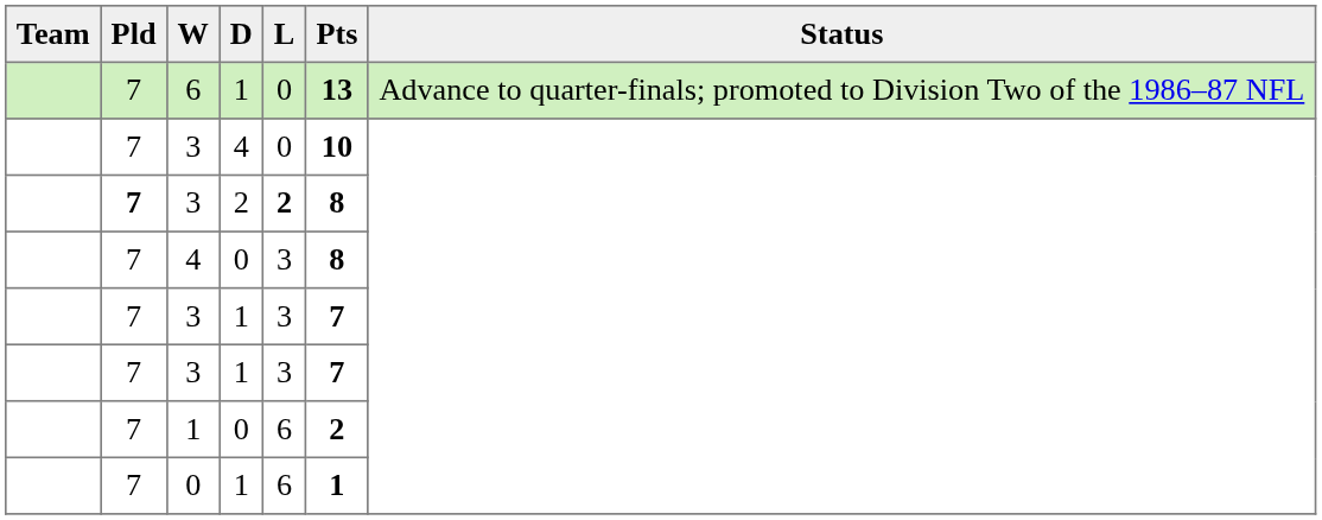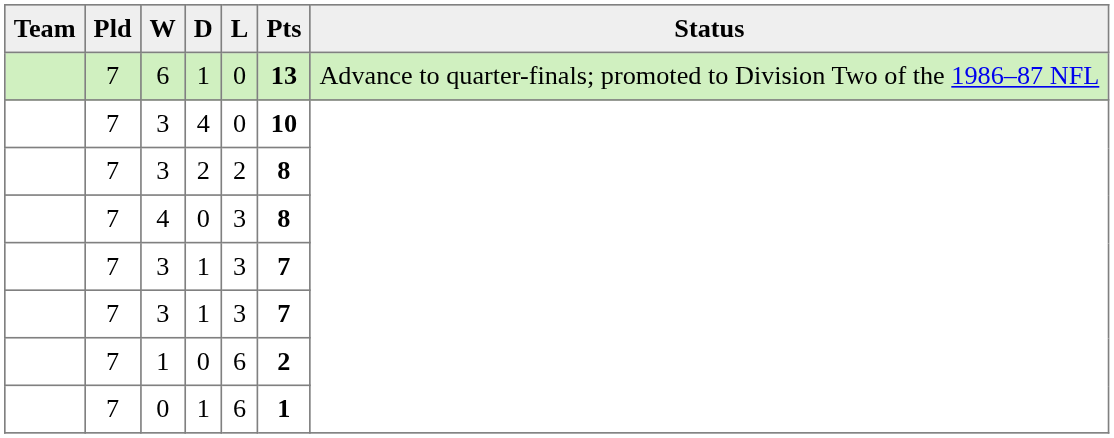 <table style=border-collapse:collapse border=1 cellspacing=0 cellpadding=5>
 <tr align=center bgcolor=#efefef>
 <th>Team</th>
 <th>Pld</th>
 <th>W</th>
 <th>D</th>
 <th>L</th>
 <th>Pts</th>
 <th>Status</th>
 </tr>
 <tr align=center style="background:#D0F0C0;">
 <td style="text-align:left;"> </td>
 <td>7</td>
 <td>6</td>
 <td>1</td>
 <td>0</td>
 <td><strong>13</strong></td>
 <td rowspan=1>Advance to quarter-finals; promoted to Division Two of the <a href='#'>1986–87 NFL</a></td>
 </tr>
 <tr align=center style="background:#FFFFFF;">
 <td style="text-align:left;"> </td>
 <td>7</td>
 <td>3</td>
 <td>4</td>
 <td>0</td>
 <td><strong>10</strong></td>
 <td rowspan=7></td>
 </tr>
 <tr align=center style="background:#FFFFFF;">
 <td style="text-align:left;"> </td>
-<td><strong>7</strong></td>
+<td>7</td>
 <td>3</td>
 <td>2</td>
-<td><strong>2</strong></td>
+<td>2</td>
 <td><strong>8</strong></td>
 </tr>
 <tr align=center style="background:#FFFFFF;">
 <td style="text-align:left;"> </td>
 <td>7</td>
 <td>4</td>
 <td>0</td>
 <td>3</td>
 <td><strong>8</strong></td>
 </tr>
 <tr align=center style="background:#FFFFFF;">
 <td style="text-align:left;"> </td>
 <td>7</td>
 <td>3</td>
 <td>1</td>
 <td>3</td>
 <td><strong>7</strong></td>
 </tr>
 <tr align=center style="background:#FFFFFF;">
 <td style="text-align:left;"> </td>
 <td>7</td>
 <td>3</td>
 <td>1</td>
 <td>3</td>
 <td><strong>7</strong></td>
 </tr>
 <tr align=center style="background:#FFFFFF;">
 <td style="text-align:left;"> </td>
 <td>7</td>
 <td>1</td>
 <td>0</td>
 <td>6</td>
 <td><strong>2</strong></td>
 </tr>
 <tr align=center style="background:#FFFFFF;">
 <td style="text-align:left;"> </td>
 <td>7</td>
 <td>0</td>
 <td>1</td>
 <td>6</td>
 <td><strong>1</strong></td>
 </tr>
 </table>
